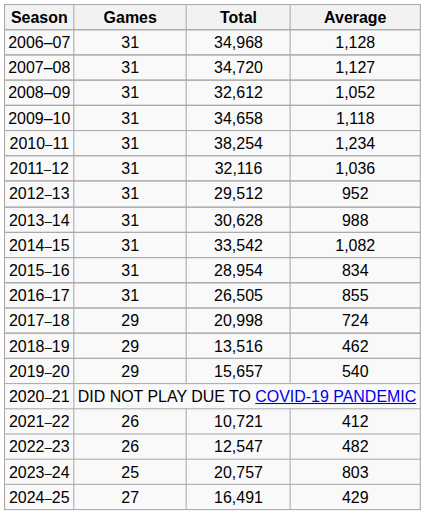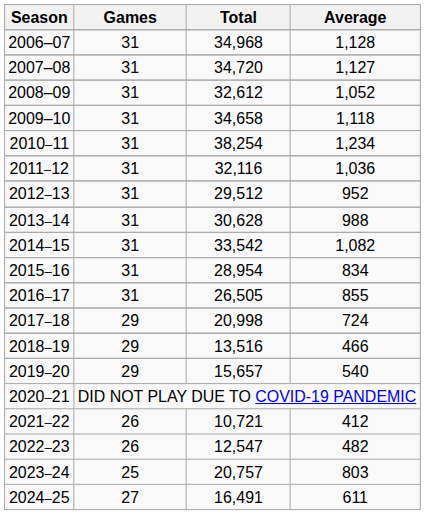 <table class="wikitable" border="1" style="text-align:center; font-size:95%">
 <tr>
 <th rowspan="1">Season</th>
 <th rowspan="1">Games</th>
 <th rowspan="1">Total</th>
 <th rowspan="1">Average</th>
 </tr>
 <tr>
 </tr>
 <tr>
 </tr>
 <tr>
 </tr>
 <tr>
 <td>2006–07</td>
 <td>31</td>
 <td>34,968</td>
 <td>1,128</td>
 </tr>
 <tr>
 </tr>
 <tr style="text-align:center">
 <td>2007–08</td>
 <td>31</td>
 <td>34,720</td>
 <td>1,127</td>
 </tr>
 <tr>
 </tr>
 <tr style="text-align:center">
 <td>2008–09</td>
 <td>31</td>
 <td>32,612</td>
 <td>1,052</td>
 </tr>
 <tr>
 </tr>
 <tr style="text-align:center">
 <td>2009–10</td>
 <td>31</td>
 <td>34,658</td>
 <td>1,118</td>
 </tr>
 <tr>
 </tr>
 <tr style="text-align:center">
 <td>2010<small>–</small>11</td>
 <td>31</td>
 <td>38,254</td>
 <td>1,234</td>
 </tr>
 <tr>
 </tr>
 <tr style="text-align:center">
 <td>2011<small>–</small>12</td>
 <td>31</td>
 <td>32,116</td>
 <td>1,036</td>
 </tr>
 <tr>
 </tr>
 <tr style="text-align:center">
 <td>2012<small>–</small>13</td>
 <td>31</td>
 <td>29,512</td>
 <td>952</td>
 </tr>
 <tr>
 </tr>
 <tr style="text-align:center">
 <td>2013<small>–</small>14</td>
 <td>31</td>
 <td>30,628</td>
 <td>988</td>
 </tr>
 <tr>
 </tr>
 <tr style="text-align:center">
 <td>2014<small>–</small>15</td>
 <td>31</td>
 <td>33,542</td>
 <td>1,082</td>
 </tr>
 <tr>
 </tr>
 <tr style="text-align:center">
 <td>2015<small>–</small>16</td>
 <td>31</td>
 <td>28,954</td>
 <td>834</td>
 </tr>
 <tr>
 </tr>
 <tr style="text-align:center">
 <td>2016<small>–</small>17</td>
 <td>31</td>
 <td>26,505</td>
 <td>855</td>
 </tr>
 <tr>
 </tr>
 <tr style="text-align:center">
 <td>2017<small>–</small>18</td>
 <td>29</td>
 <td>20,998</td>
 <td>724</td>
 </tr>
 <tr>
 </tr>
 <tr style="”text-align:center”">
 <td>2018<small>–</small>19</td>
 <td>29</td>
 <td>13,516</td>
-<td>462</td>
+<td>466</td>
 </tr>
 <tr>
 </tr>
 <tr style="“text-align:center”">
 <td>2019<small>–</small>20</td>
 <td>29</td>
 <td>15,657</td>
 <td>540</td>
 </tr>
 <tr>
 <td>2020<small>–</small>21</td>
 <td colspan="3">DID NOT PLAY DUE TO <a href='#'>COVID-19 PANDEMIC</a></td>
 </tr>
 <tr>
 <td>2021<small>–</small>22</td>
 <td>26</td>
 <td>10,721</td>
 <td>412</td>
 </tr>
 <tr>
 <td>2022<small>–</small>23</td>
 <td>26</td>
 <td>12,547</td>
 <td>482</td>
 </tr>
 <tr>
 <td>2023<small>–</small>24</td>
 <td>25</td>
 <td>20,757</td>
 <td>803</td>
 </tr>
 <tr>
 <td>2024<small>–</small>25</td>
 <td>27</td>
 <td>16,491</td>
-<td>429</td>
+<td>611</td>
 </tr>
 </table>
